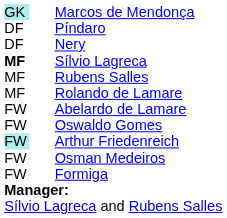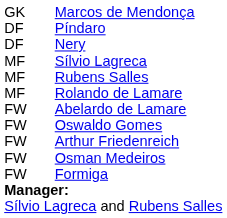 <table style="font-size:90%; margin:0.2em auto;" cellspacing="0" cellpadding="0">
 <tr>
 <th width="25"></th>
 <th width="25"></th>
 </tr>
 <tr>
-<td style="background: paleturquoise;">GK</td>
+<td>GK</td>
 <td><strong> </strong></td>
 <td><a href='#'>Marcos de Mendonça</a></td>
 </tr>
 <tr>
 <td>DF</td>
 <td><strong> </strong></td>
 <td><a href='#'>Píndaro</a></td>
 </tr>
 <tr>
 <td>DF</td>
 <td><strong> </strong></td>
 <td><a href='#'>Nery</a></td>
 </tr>
 <tr>
-<td><strong>MF</strong></td>
+<td>MF</td>
 <td><strong> </strong></td>
 <td><a href='#'>Sílvio Lagreca</a></td>
 </tr>
 <tr>
 <td>MF</td>
 <td><strong> </strong></td>
 <td><a href='#'>Rubens Salles</a></td>
 </tr>
 <tr>
 <td>MF</td>
 <td><strong> </strong></td>
 <td><a href='#'>Rolando de Lamare</a></td>
 </tr>
 <tr>
 <td>FW</td>
 <td><strong> </strong></td>
 <td><a href='#'>Abelardo de Lamare</a></td>
 </tr>
 <tr>
 <td>FW</td>
 <td><strong> </strong></td>
 <td><a href='#'>Oswaldo Gomes</a></td>
 </tr>
 <tr>
-<td style="background: paleturquoise;">FW</td>
+<td>FW</td>
 <td><strong> </strong></td>
 <td><a href='#'>Arthur Friedenreich</a></td>
 </tr>
 <tr>
 <td>FW</td>
 <td><strong> </strong></td>
 <td><a href='#'>Osman Medeiros</a></td>
 </tr>
 <tr>
 <td>FW</td>
 <td><strong> </strong></td>
 <td><a href='#'>Formiga</a></td>
 </tr>
 <tr>
 <td colspan=3><strong>Manager:</strong></td>
 </tr>
 <tr>
 <td colspan=4><a href='#'>Sílvio Lagreca</a> and <a href='#'>Rubens Salles</a></td>
 </tr>
 </table>
